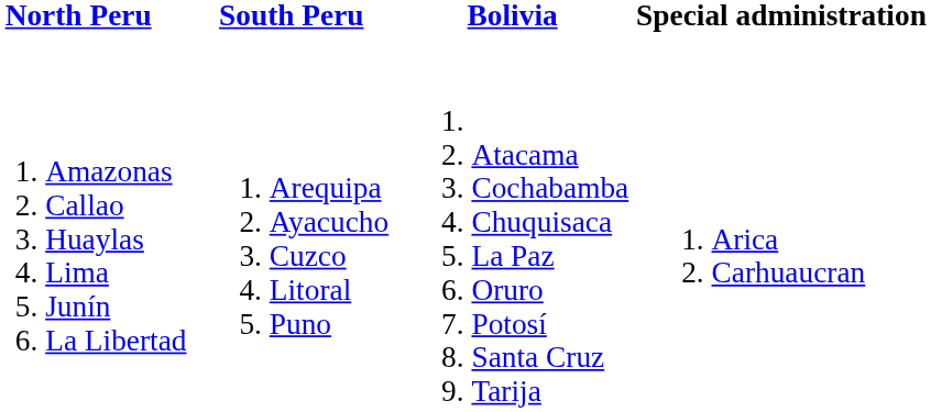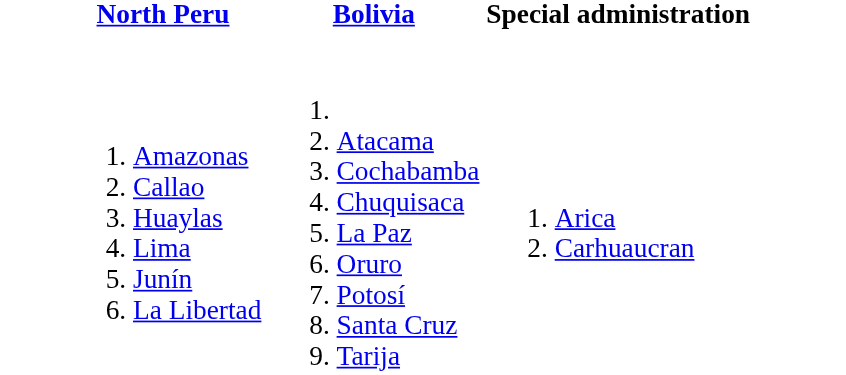 <table style="margin:1em auto;">
 <tr>
 <th> <a href='#'>North Peru</a></th>
-<th> <a href='#'>South Peru</a></th>
 <th> <a href='#'>Bolivia</a></th>
 <th>Special administration</th>
 </tr>
 <tr>
 <td><br><ol><li><a href='#'>Amazonas</a></li><li><a href='#'>Callao</a></li><li><a href='#'>Huaylas</a></li><li><a href='#'>Lima</a></li><li><a href='#'>Junín</a></li><li><a href='#'>La Libertad</a></li></ol></td>
-<td><br><ol><li><a href='#'>Arequipa</a></li><li><a href='#'>Ayacucho</a></li><li><a href='#'>Cuzco</a></li><li><a href='#'>Litoral</a></li><li><a href='#'>Puno</a></li></ol></td>
 <td><br><ol><li></li><li><a href='#'>Atacama</a></li><li><a href='#'>Cochabamba</a></li><li><a href='#'>Chuquisaca</a></li><li><a href='#'>La Paz</a></li><li><a href='#'>Oruro</a></li><li><a href='#'>Potosí</a></li><li><a href='#'>Santa Cruz</a></li><li><a href='#'>Tarija</a></li></ol></td>
 <td><br><ol><li><a href='#'>Arica</a></li><li><a href='#'>Carhuaucran</a></li></ol></td>
 </tr>
 </table>
